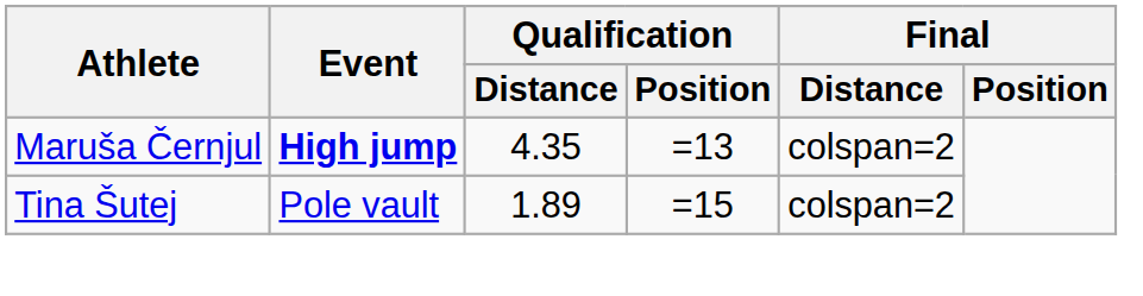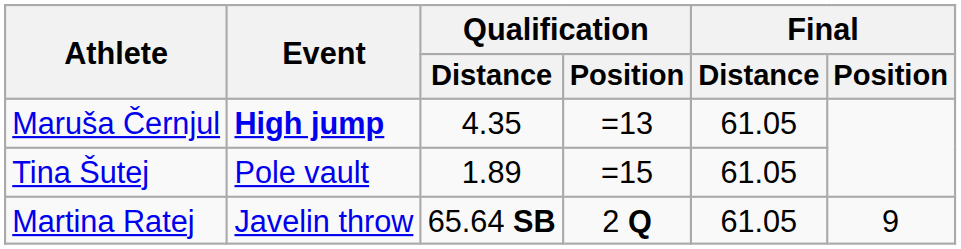 <table class=wikitable style="font-size:90%">
 <tr>
 <th rowspan="2">Athlete</th>
 <th rowspan="2">Event</th>
 <th colspan="2">Qualification</th>
 <th colspan="2">Final</th>
 </tr>
 <tr style="font-size:95%">
 <th>Distance</th>
 <th>Position</th>
 <th>Distance</th>
 <th>Position</th>
 </tr>
 <tr style=text-align:center>
 <td style=text-align:left><a href='#'>Maruša Černjul</a></td>
 <td style=text-align:left><strong><a href='#'>High jump</a></strong></td>
 <td>4.35</td>
 <td>=13</td>
-<td>colspan=2 </td>
+<td>61.05</td>
 </tr>
 <tr style=text-align:center>
 <td style=text-align:left><a href='#'>Tina Šutej</a></td>
 <td style=text-align:left><a href='#'>Pole vault</a></td>
 <td>1.89</td>
 <td>=15</td>
-<td>colspan=2 </td>
+<td>61.05</td>
+</tr>
+<tr style=text-align:center>
+<td style=text-align:left><a href='#'>Martina Ratej</a></td>
+<td style=text-align:left><a href='#'>Javelin throw</a></td>
+<td>65.64 <strong>SB</strong></td>
+<td>2 <strong>Q</strong></td>
+<td>61.05</td>
+<td>9</td>
 </tr>
 </table>
